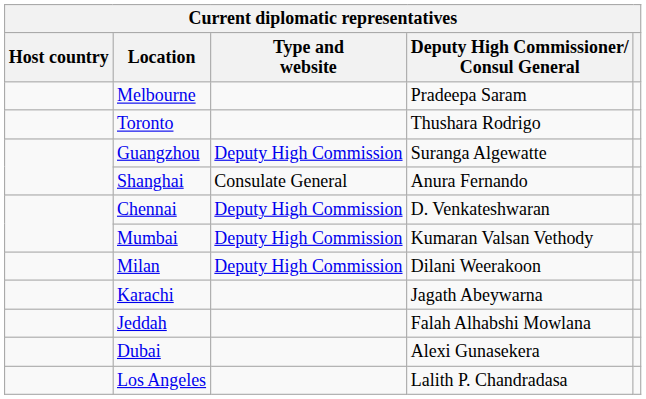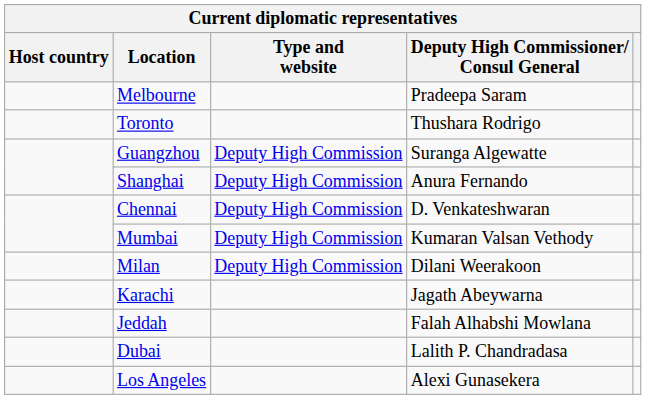 <table class="wikitable sticky-header-multi mw-collapsible" style="font-size:100%; text-align:left">
 <tr>
 <th colspan=5 style="colour:; background:;">Current diplomatic representatives</th>
 </tr>
 <tr>
 <th>Host country</th>
 <th>Location</th>
 <th>Type and <br> website</th>
 <th>Deputy High Commissioner/<br>Consul General</th>
 <th></th>
 </tr>
 <tr>
 <td> </td>
 <td><a href='#'>Melbourne</a></td>
 <td></td>
 <td>Pradeepa Saram</td>
 <td><br></td>
 </tr>
 <tr>
 <td></td>
 <td><a href='#'>Toronto</a></td>
 <td></td>
 <td>Thushara Rodrigo</td>
 <td></td>
 </tr>
 <tr>
 <td rowspan=2></td>
 <td><a href='#'>Guangzhou</a></td>
 <td><a href='#'>Deputy High Commission</a></td>
 <td>Suranga Algewatte</td>
 <td></td>
 </tr>
 <tr>
 <td><a href='#'>Shanghai</a></td>
-<td>Consulate General</td>
+<td><a href='#'>Deputy High Commission</a></td>
 <td>Anura Fernando</td>
 <td></td>
 </tr>
 <tr>
 <td rowspan=2></td>
 <td><a href='#'>Chennai</a></td>
 <td><a href='#'>Deputy High Commission</a></td>
 <td>D. Venkateshwaran</td>
 <td></td>
 </tr>
 <tr>
 <td><a href='#'>Mumbai</a></td>
 <td><a href='#'>Deputy High Commission</a></td>
 <td>Kumaran Valsan Vethody</td>
 <td></td>
 </tr>
 <tr>
 <td></td>
 <td><a href='#'>Milan</a></td>
 <td><a href='#'>Deputy High Commission</a></td>
 <td>Dilani Weerakoon</td>
 <td></td>
 </tr>
 <tr>
 <td></td>
 <td><a href='#'>Karachi</a></td>
 <td></td>
 <td>Jagath Abeywarna</td>
 <td></td>
 </tr>
 <tr>
 <td></td>
 <td><a href='#'>Jeddah</a></td>
 <td></td>
 <td>Falah Alhabshi Mowlana</td>
 <td></td>
 </tr>
 <tr>
 <td></td>
 <td><a href='#'>Dubai</a></td>
 <td></td>
-<td>Alexi Gunasekera</td>
+<td>Lalith P. Chandradasa</td>
 <td></td>
 </tr>
 <tr>
 <td></td>
 <td><a href='#'>Los Angeles</a></td>
 <td></td>
-<td>Lalith P. Chandradasa</td>
+<td>Alexi Gunasekera</td>
 <td></td>
 </tr>
 </table>
